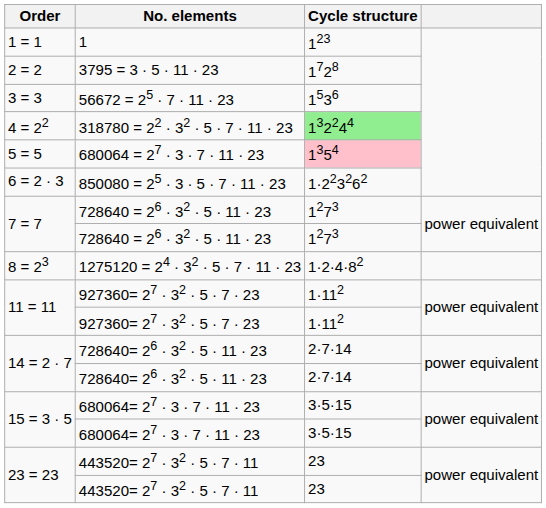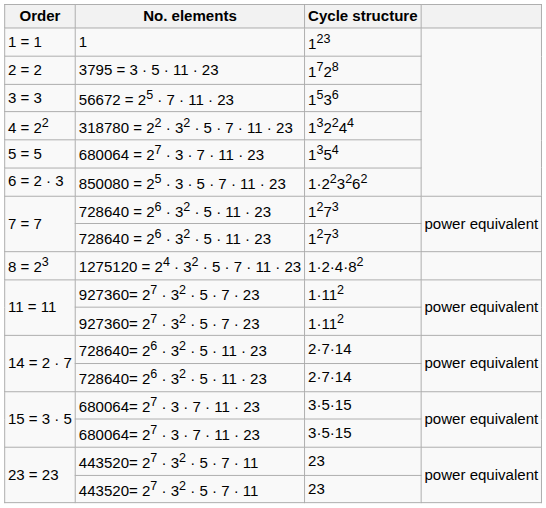 <table class="wikitable" style="margin: 1em auto;">
 <tr>
 <th>Order</th>
 <th>No. elements</th>
 <th>Cycle structure</th>
 <th></th>
 </tr>
 <tr>
 <td>1 = 1</td>
 <td>1</td>
 <td>1<sup>23</sup></td>
 </tr>
 <tr>
 <td>2 = 2</td>
 <td>3795 = 3 · 5 · 11 · 23</td>
 <td>1<sup>7</sup>2<sup>8</sup></td>
 </tr>
 <tr>
 <td>3 = 3</td>
 <td>56672 = 2<sup>5</sup> · 7 · 11 · 23</td>
 <td>1<sup>5</sup>3<sup>6</sup></td>
 </tr>
 <tr>
 <td>4 = 2<sup>2</sup></td>
 <td>318780 = 2<sup>2</sup> · 3<sup>2</sup> · 5 · 7 · 11 · 23</td>
-<td style="background: lightgreen;">1<sup>3</sup>2<sup>2</sup>4<sup>4</sup></td>
+<td>1<sup>3</sup>2<sup>2</sup>4<sup>4</sup></td>
 </tr>
 <tr>
 <td>5 = 5</td>
 <td>680064 = 2<sup>7</sup> · 3 · 7 · 11 · 23</td>
-<td style="background: pink;">1<sup>3</sup>5<sup>4</sup></td>
+<td>1<sup>3</sup>5<sup>4</sup></td>
 </tr>
 <tr>
 <td>6 = 2 · 3</td>
 <td>850080 = 2<sup>5</sup> · 3 · 5 · 7 · 11 · 23</td>
 <td>1·2<sup>2</sup>3<sup>2</sup>6<sup>2</sup></td>
 </tr>
 <tr>
 <td rowspan="2">7 = 7</td>
 <td>728640 = 2<sup>6</sup> · 3<sup>2</sup> · 5 · 11 · 23</td>
 <td>1<sup>2</sup>7<sup>3</sup></td>
 <td rowspan="2">power equivalent</td>
 </tr>
 <tr>
 <td> 728640 = 2<sup>6</sup> · 3<sup>2</sup> · 5 · 11 · 23</td>
 <td>1<sup>2</sup>7<sup>3</sup></td>
 </tr>
 <tr>
 <td>8 = 2<sup>3</sup></td>
 <td>1275120 = 2<sup>4</sup> · 3<sup>2</sup> · 5 · 7 · 11 · 23</td>
 <td>1·2·4·8<sup>2</sup></td>
 </tr>
 <tr>
 <td rowspan="2">11 = 11</td>
 <td>927360= 2<sup>7</sup> · 3<sup>2</sup> · 5 · 7 · 23</td>
 <td>1·11<sup>2</sup></td>
 <td rowspan="2">power equivalent</td>
 </tr>
 <tr>
 <td> 927360= 2<sup>7</sup> · 3<sup>2</sup> · 5 · 7 · 23</td>
 <td>1·11<sup>2</sup></td>
 </tr>
 <tr>
 <td rowspan="2">14 = 2 · 7</td>
 <td>728640= 2<sup>6</sup> · 3<sup>2</sup> · 5 · 11 · 23</td>
 <td>2·7·14</td>
 <td rowspan="2">power equivalent</td>
 </tr>
 <tr>
 <td> 728640= 2<sup>6</sup> · 3<sup>2</sup> · 5 · 11 · 23</td>
 <td>2·7·14</td>
 </tr>
 <tr>
 <td rowspan="2">15 = 3 · 5</td>
 <td>680064= 2<sup>7</sup> · 3 · 7 · 11 · 23</td>
 <td>3·5·15</td>
 <td rowspan="2">power equivalent</td>
 </tr>
 <tr>
 <td> 680064= 2<sup>7</sup> · 3 · 7 · 11 · 23</td>
 <td>3·5·15</td>
 </tr>
 <tr>
 <td rowspan="2">23 = 23</td>
 <td>443520= 2<sup>7</sup> · 3<sup>2</sup> · 5 · 7 · 11</td>
 <td>23</td>
 <td rowspan="2">power equivalent</td>
 </tr>
 <tr>
 <td> 443520= 2<sup>7</sup> · 3<sup>2</sup> · 5 · 7 · 11</td>
 <td>23</td>
 </tr>
 </table>
